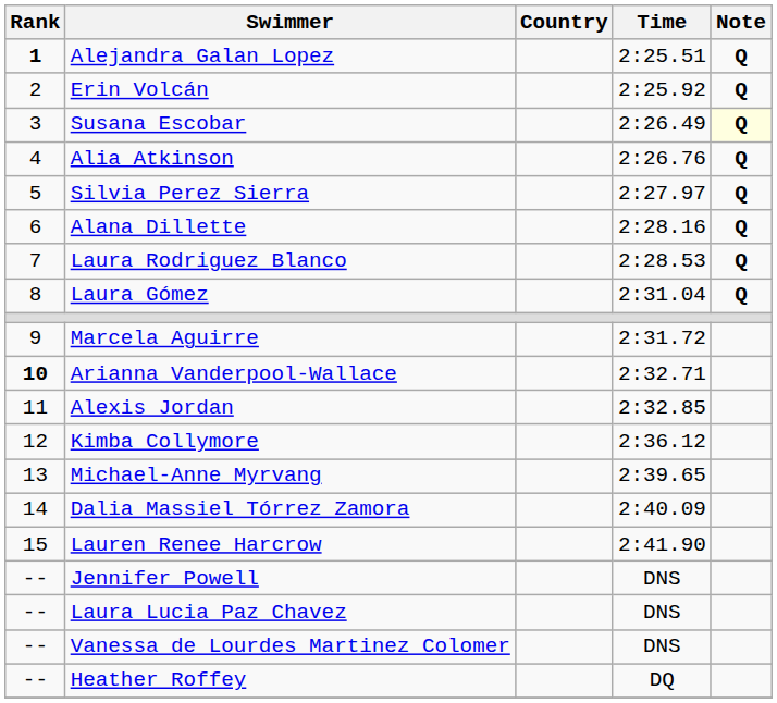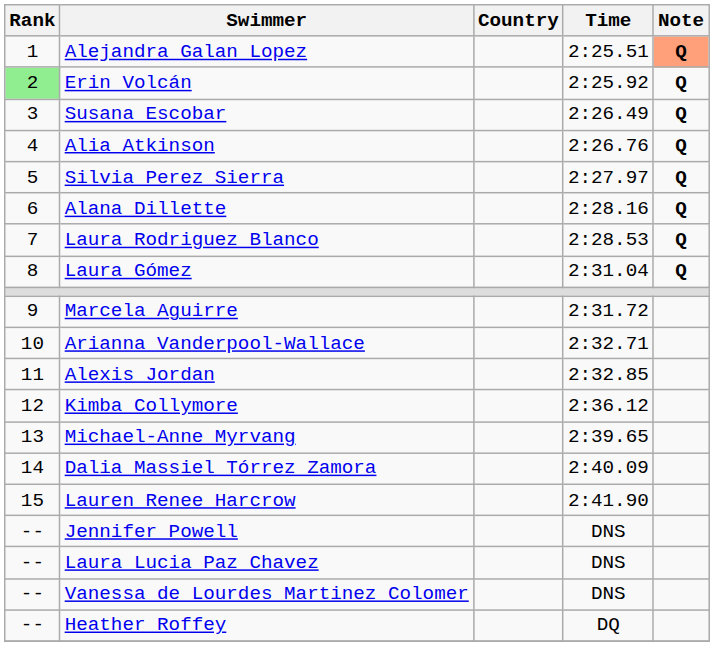 <table class="wikitable" style="text-align:center">
 <tr>
 <th>Rank</th>
 <th>Swimmer</th>
 <th>Country</th>
 <th>Time</th>
 <th>Note</th>
 </tr>
 <tr>
-<td><strong>1</strong></td>
+<td>1</td>
 <td align=left><a href='#'>Alejandra Galan Lopez</a></td>
 <td align=left></td>
 <td>2:25.51</td>
-<td><strong>Q</strong></td>
+<td style="background: lightsalmon;"><strong>Q</strong></td>
 </tr>
 <tr>
-<td>2</td>
+<td style="background: lightgreen;">2</td>
 <td align=left><a href='#'>Erin Volcán</a></td>
 <td align=left></td>
 <td>2:25.92</td>
 <td><strong>Q</strong></td>
 </tr>
 <tr>
 <td>3</td>
 <td align=left><a href='#'>Susana Escobar</a></td>
 <td align=left></td>
 <td>2:26.49</td>
-<td style="background: lightyellow;"><strong>Q</strong></td>
+<td><strong>Q</strong></td>
 </tr>
 <tr>
 <td>4</td>
 <td align=left><a href='#'>Alia Atkinson</a></td>
 <td align=left></td>
 <td>2:26.76</td>
 <td><strong>Q</strong></td>
 </tr>
 <tr>
 <td>5</td>
 <td align=left><a href='#'>Silvia Perez Sierra</a></td>
 <td align=left></td>
 <td>2:27.97</td>
 <td><strong>Q</strong></td>
 </tr>
 <tr>
 <td>6</td>
 <td align=left><a href='#'>Alana Dillette</a></td>
 <td align=left></td>
 <td>2:28.16</td>
 <td><strong>Q</strong></td>
 </tr>
 <tr>
 <td>7</td>
 <td align=left><a href='#'>Laura Rodriguez Blanco</a></td>
 <td align=left></td>
 <td>2:28.53</td>
 <td><strong>Q</strong></td>
 </tr>
 <tr>
 <td>8</td>
 <td align=left><a href='#'>Laura Gómez</a></td>
 <td align=left></td>
 <td>2:31.04</td>
 <td><strong>Q</strong></td>
 </tr>
 <tr bgcolor=#DDDDDD>
 <td colspan=5></td>
 </tr>
 <tr>
 <td>9</td>
 <td align=left><a href='#'>Marcela Aguirre</a></td>
 <td align=left></td>
 <td>2:31.72</td>
 <td></td>
 </tr>
 <tr>
-<td><strong>10</strong></td>
+<td>10</td>
 <td align=left><a href='#'>Arianna Vanderpool-Wallace</a></td>
 <td align=left></td>
 <td>2:32.71</td>
 <td></td>
 </tr>
 <tr>
 <td>11</td>
 <td align=left><a href='#'>Alexis Jordan</a></td>
 <td align=left></td>
 <td>2:32.85</td>
 <td></td>
 </tr>
 <tr>
 <td>12</td>
 <td align=left><a href='#'>Kimba Collymore</a></td>
 <td align=left></td>
 <td>2:36.12</td>
 <td></td>
 </tr>
 <tr>
 <td>13</td>
 <td align=left><a href='#'>Michael-Anne Myrvang</a></td>
 <td align=left></td>
 <td>2:39.65</td>
 <td></td>
 </tr>
 <tr>
 <td>14</td>
 <td align=left><a href='#'>Dalia Massiel Tórrez Zamora</a></td>
 <td align=left></td>
 <td>2:40.09</td>
 <td></td>
 </tr>
 <tr>
 <td>15</td>
 <td align=left><a href='#'>Lauren Renee Harcrow</a></td>
 <td align=left></td>
 <td>2:41.90</td>
 <td></td>
 </tr>
 <tr>
 <td>--</td>
 <td align=left><a href='#'>Jennifer Powell</a></td>
 <td align=left></td>
 <td>DNS</td>
 <td></td>
 </tr>
 <tr>
 <td>--</td>
 <td align=left><a href='#'>Laura Lucia Paz Chavez</a></td>
 <td align=left></td>
 <td>DNS</td>
 <td></td>
 </tr>
 <tr>
 <td>--</td>
 <td align=left><a href='#'>Vanessa de Lourdes Martinez Colomer</a></td>
 <td align=left></td>
 <td>DNS</td>
 <td></td>
 </tr>
 <tr>
 <td>--</td>
 <td align=left><a href='#'>Heather Roffey</a></td>
 <td align=left></td>
 <td>DQ</td>
 <td></td>
 </tr>
 <tr>
 </tr>
 </table>
